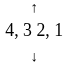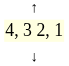 <table style="text-align:center;">
 <tr>
 <td><small>  ↑ </small></td>
 </tr>
 <tr>
-<td> <span>4, 3</span>   <span>2, 1</span> </td>
+<td style="background: lightyellow;"> <span>4, 3</span>   <span>2, 1</span> </td>
 </tr>
 <tr>
 <td><small> ↓  </small></td>
 </tr>
 </table>
